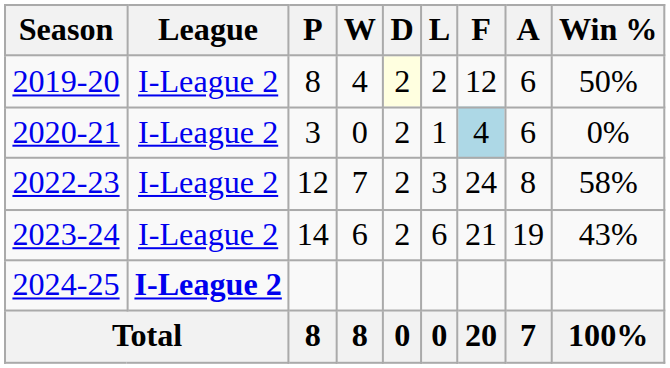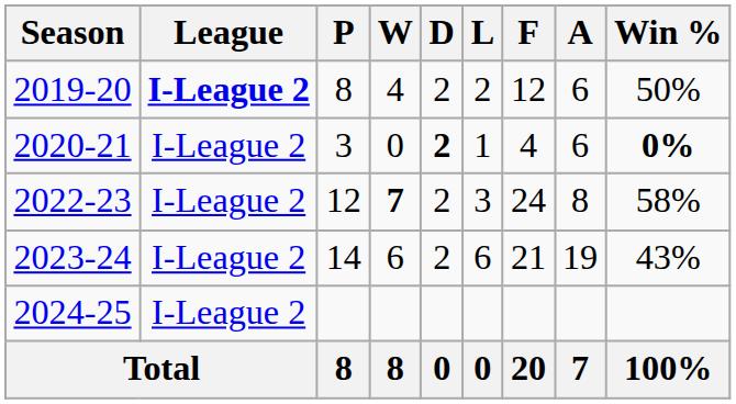 <table class="wikitable" style="text-align: center">
 <tr>
 <th>Season</th>
 <th>League</th>
 <th>P</th>
 <th>W</th>
 <th>D</th>
 <th>L</th>
 <th>F</th>
 <th>A</th>
 <th>Win %</th>
 </tr>
 <tr>
 <td align="left"><a href='#'>2019-20</a></td>
-<td><a href='#'>I-League 2</a></td>
+<td><strong><a href='#'>I-League 2</a></strong></td>
 <td>8</td>
 <td>4</td>
-<td style="background: lightyellow;">2</td>
+<td>2</td>
 <td>2</td>
 <td>12</td>
 <td>6</td>
 <td>50%</td>
 </tr>
 <tr>
 <td><a href='#'>2020-21</a></td>
 <td><a href='#'>I-League 2</a></td>
 <td>3</td>
 <td>0</td>
-<td>2</td>
+<td><strong>2</strong></td>
 <td>1</td>
-<td style="background: lightblue;">4</td>
+<td>4</td>
 <td>6</td>
-<td>0%</td>
+<td><strong>0%</strong></td>
 </tr>
 <tr>
 <td><a href='#'>2022-23</a></td>
 <td><a href='#'>I-League 2</a></td>
 <td>12</td>
-<td>7</td>
+<td><strong>7</strong></td>
 <td>2</td>
 <td>3</td>
 <td>24</td>
 <td>8</td>
 <td>58%</td>
 </tr>
 <tr>
 <td><a href='#'>2023-24</a></td>
 <td><a href='#'>I-League 2</a></td>
 <td>14</td>
 <td>6</td>
 <td>2</td>
 <td>6</td>
 <td>21</td>
 <td>19</td>
 <td>43%</td>
 </tr>
 <tr>
 <td><a href='#'>2024-25</a></td>
-<td><strong><a href='#'>I-League 2</a></strong></td>
+<td><a href='#'>I-League 2</a></td>
 <td></td>
 <td></td>
 <td></td>
 <td></td>
 <td></td>
 <td></td>
 <td></td>
 </tr>
 <tr>
 <th colspan="2" align="left">Total</th>
 <th>8</th>
 <th>8</th>
 <th>0</th>
 <th>0</th>
 <th>20</th>
 <th>7</th>
 <th>100%</th>
 </tr>
 </table>
